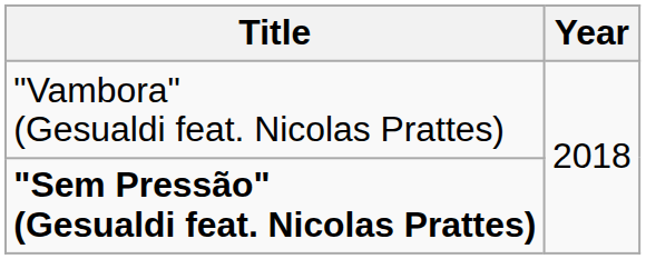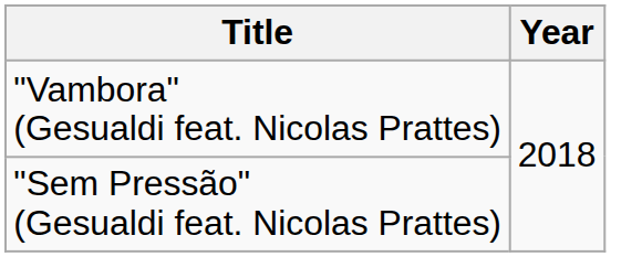 <table class="wikitable">
 <tr>
 <th>Title</th>
 <th>Year</th>
 </tr>
 <tr>
 <td>"Vambora"<br>(Gesualdi feat. Nicolas Prattes)</td>
 <td rowspan="2">2018</td>
 </tr>
 <tr>
-<td><strong>"Sem Pressão"<br>(Gesualdi feat. Nicolas Prattes)</strong></td>
+<td>"Sem Pressão"<br>(Gesualdi feat. Nicolas Prattes)</td>
 </tr>
 </table>
